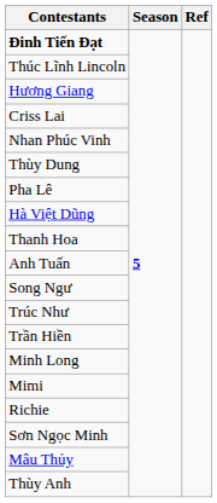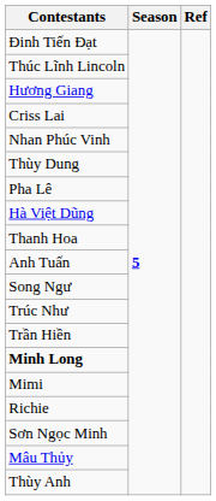 <table class="wikitable">
 <tr>
 <th rowspan="2">Contestants</th>
 <th>Season</th>
 <th><strong>Ref</strong></th>
 </tr>
 <tr>
 <td rowspan="20"><strong><a href='#'>5</a></strong></td>
 <td rowspan="20"></td>
 </tr>
 <tr>
-<td><strong>Đinh Tiến Đạt</strong></td>
+<td>Đinh Tiến Đạt</td>
 </tr>
 <tr>
 <td>Thúc Lĩnh Lincoln</td>
 </tr>
 <tr>
 <td><a href='#'>Hương Giang</a></td>
 </tr>
 <tr>
 <td>Criss Lai</td>
 </tr>
 <tr>
 <td>Nhan Phúc Vinh</td>
 </tr>
 <tr>
 <td>Thùy Dung</td>
 </tr>
 <tr>
 <td>Pha Lê</td>
 </tr>
 <tr>
 <td><a href='#'>Hà Việt Dũng</a></td>
 </tr>
 <tr>
 <td>Thanh Hoa</td>
 </tr>
 <tr>
 <td>Anh Tuấn</td>
 </tr>
 <tr>
 <td>Song Ngư</td>
 </tr>
 <tr>
 <td>Trúc Như</td>
 </tr>
 <tr>
 <td>Trần Hiền</td>
 </tr>
 <tr>
-<td>Minh Long</td>
+<td><strong>Minh Long</strong></td>
 </tr>
 <tr>
 <td>Mimi</td>
 </tr>
 <tr>
 <td>Richie</td>
 </tr>
 <tr>
 <td>Sơn Ngọc Minh</td>
 </tr>
 <tr>
 <td><a href='#'>Mâu Thủy</a></td>
 </tr>
 <tr>
 <td>Thùy Anh</td>
 </tr>
 </table>
